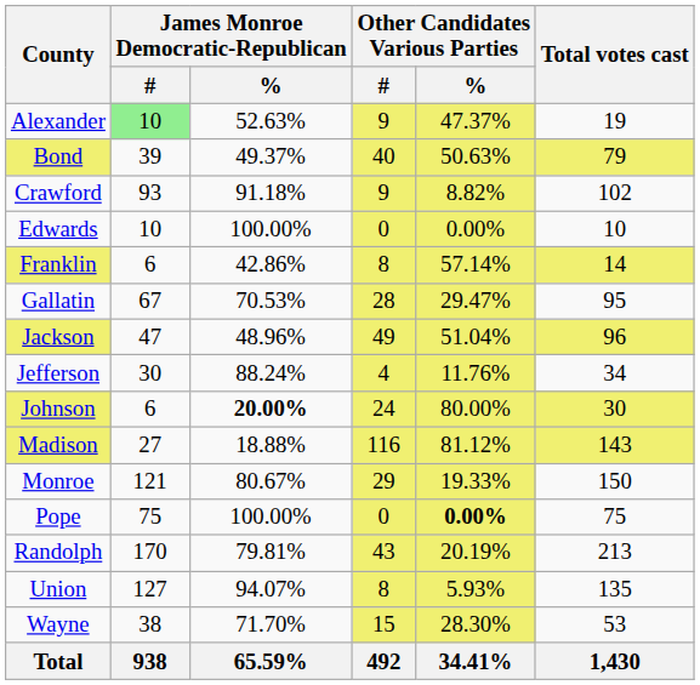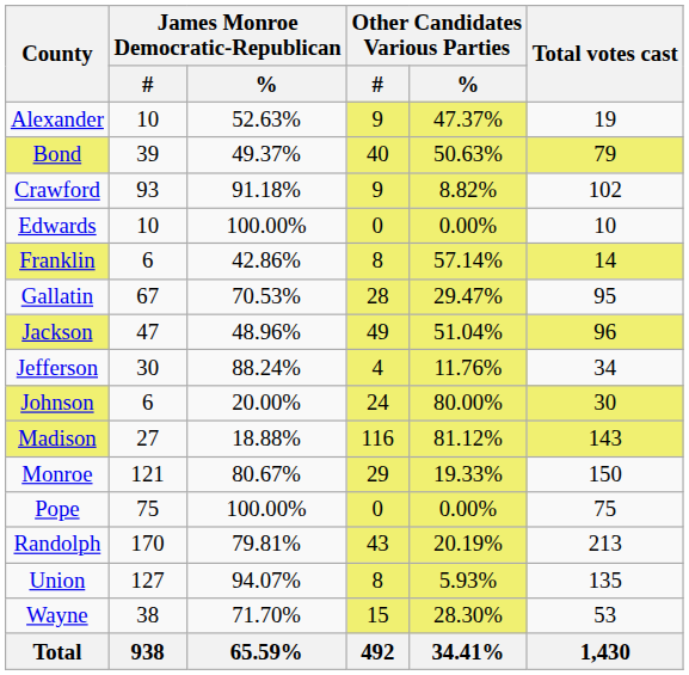 <table class="wikitable sortable">
 <tr>
 <th rowspan="2">County</th>
 <th colspan="2">James Monroe<br>Democratic-Republican</th>
 <th colspan="2">Other Candidates<br>Various Parties</th>
 <th rowspan="2">Total votes cast</th>
 </tr>
 <tr style="text-align:center;">
 <th>#</th>
 <th>%</th>
 <th>#</th>
 <th>%</th>
 </tr>
 <tr style="text-align:center;">
 <td><a href='#'>Alexander</a></td>
-<td style="background: lightgreen;">10</td>
+<td>10</td>
 <td>52.63%</td>
 <td style="color:black; background:#F0F071;">9</td>
 <td style="color:black; background:#F0F071;">47.37%</td>
 <td>19</td>
 </tr>
 <tr style="text-align:center;">
 <td style="color:black; background:#F0F071;"><a href='#'>Bond</a></td>
 <td>39</td>
 <td>49.37%</td>
 <td style="color:black; background:#F0F071;">40</td>
 <td style="color:black; background:#F0F071;">50.63%</td>
 <td style="color:black; background:#F0F071;">79</td>
 </tr>
 <tr style="text-align:center;">
 <td><a href='#'>Crawford</a></td>
 <td>93</td>
 <td>91.18%</td>
 <td style="color:black; background:#F0F071;">9</td>
 <td style="color:black; background:#F0F071;">8.82%</td>
 <td>102</td>
 </tr>
 <tr style="text-align:center;">
 <td><a href='#'>Edwards</a></td>
 <td>10</td>
 <td>100.00%</td>
 <td style="color:black; background:#F0F071;">0</td>
 <td style="color:black; background:#F0F071;">0.00%</td>
 <td>10</td>
 </tr>
 <tr style="text-align:center;">
 <td style="color:black; background:#F0F071;"><a href='#'>Franklin</a></td>
 <td>6</td>
 <td>42.86%</td>
 <td style="color:black; background:#F0F071;">8</td>
 <td style="color:black; background:#F0F071;">57.14%</td>
 <td style="color:black; background:#F0F071;">14</td>
 </tr>
 <tr style="text-align:center;">
 <td><a href='#'>Gallatin</a></td>
 <td>67</td>
 <td>70.53%</td>
 <td style="color:black; background:#F0F071;">28</td>
 <td style="color:black; background:#F0F071;">29.47%</td>
 <td>95</td>
 </tr>
 <tr style="text-align:center;">
 <td style="color:black; background:#F0F071;"><a href='#'>Jackson</a></td>
 <td>47</td>
 <td>48.96%</td>
 <td style="color:black; background:#F0F071;">49</td>
 <td style="color:black; background:#F0F071;">51.04%</td>
 <td style="color:black; background:#F0F071;">96</td>
 </tr>
 <tr style="text-align:center;">
 <td><a href='#'>Jefferson</a></td>
 <td>30</td>
 <td>88.24%</td>
 <td style="color:black; background:#F0F071;">4</td>
 <td style="color:black; background:#F0F071;">11.76%</td>
 <td>34</td>
 </tr>
 <tr style="text-align:center;">
 <td style="color:black; background:#F0F071;"><a href='#'>Johnson</a></td>
 <td>6</td>
-<td><strong>20.00%</strong></td>
+<td>20.00%</td>
 <td style="color:black; background:#F0F071;">24</td>
 <td style="color:black; background:#F0F071;">80.00%</td>
 <td style="color:black; background:#F0F071;">30</td>
 </tr>
 <tr style="text-align:center;">
 <td style="color:black; background:#F0F071;"><a href='#'>Madison</a></td>
 <td>27</td>
 <td>18.88%</td>
 <td style="color:black; background:#F0F071;">116</td>
 <td style="color:black; background:#F0F071;">81.12%</td>
 <td style="color:black; background:#F0F071;">143</td>
 </tr>
 <tr style="text-align:center;">
 <td><a href='#'>Monroe</a></td>
 <td>121</td>
 <td>80.67%</td>
 <td style="color:black; background:#F0F071;">29</td>
 <td style="color:black; background:#F0F071;">19.33%</td>
 <td>150</td>
 </tr>
 <tr style="text-align:center;">
 <td><a href='#'>Pope</a></td>
 <td>75</td>
 <td>100.00%</td>
 <td style="color:black; background:#F0F071;">0</td>
-<td style="color:black; background:#F0F071;"><strong>0.00%</strong></td>
+<td style="color:black; background:#F0F071;">0.00%</td>
 <td>75</td>
 </tr>
 <tr style="text-align:center;">
 <td><a href='#'>Randolph</a></td>
 <td>170</td>
 <td>79.81%</td>
 <td style="color:black; background:#F0F071;">43</td>
 <td style="color:black; background:#F0F071;">20.19%</td>
 <td>213</td>
 </tr>
 <tr style="text-align:center;">
 <td><a href='#'>Union</a></td>
 <td>127</td>
 <td>94.07%</td>
 <td style="color:black; background:#F0F071;">8</td>
 <td style="color:black; background:#F0F071;">5.93%</td>
 <td>135</td>
 </tr>
 <tr style="text-align:center;">
 <td><a href='#'>Wayne</a></td>
 <td>38</td>
 <td>71.70%</td>
 <td style="color:black; background:#F0F071;">15</td>
 <td style="color:black; background:#F0F071;">28.30%</td>
 <td>53</td>
 </tr>
 <tr style="text-align:center;">
 <th>Total</th>
 <th>938</th>
 <th>65.59%</th>
 <th>492</th>
 <th>34.41%</th>
 <th>1,430</th>
 </tr>
 </table>
